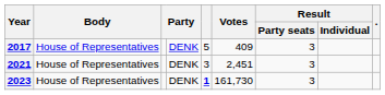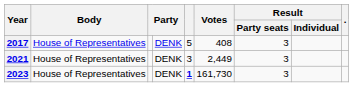 <table class="wikitable plainrowheaders sortable" border=2 cellpadding=4 cellspacing=0 style="border: 1px #aaa solid; font-size: 90%; text-align:center;">
 <tr>
 <th scope="col" rowspan=2>Year</th>
 <th scope="col" rowspan=2>Body</th>
 <th scope="col" colspan=2 rowspan=2>Party</th>
 <th scope="col" rowspan=2></th>
 <th scope="col" rowspan=2>Votes</th>
 <th scope="colgroup" colspan=2>Result</th>
 <th scope="col" rowspan=2 class="unsortable">.</th>
 </tr>
 <tr>
 <th scope="col">Party seats</th>
 <th scope="col">Individual</th>
 </tr>
 <tr>
 <th scope="row"><a href='#'>2017</a></th>
 <td><a href='#'>House of Representatives</a></td>
 <td style="background-color:"></td>
 <td><a href='#'>DENK</a></td>
 <td style=text-align:right>5</td>
-<td style=text-align:right>409</td>
+<td style=text-align:right>408</td>
 <td style=text-align:right>3</td>
 <td></td>
 <td></td>
 </tr>
 <tr>
 <th scope="row"><a href='#'>2021</a></th>
 <td>House of Representatives</td>
 <td style="background-color:"></td>
 <td>DENK</td>
 <td style=text-align:right>3</td>
-<td style=text-align:right>2,451</td>
+<td style=text-align:right>2,449</td>
 <td style=text-align:right>3</td>
 <td></td>
 <td></td>
 </tr>
 <tr>
 <th scope="row"><a href='#'>2023</a></th>
 <td>House of Representatives</td>
 <td style="background-color:"></td>
 <td>DENK</td>
 <td style=text-align:right><strong><a href='#'>1</a></strong></td>
 <td style=text-align:right>161,730</td>
 <td style=text-align:right>3</td>
 <td></td>
 <td></td>
 </tr>
 </table>
